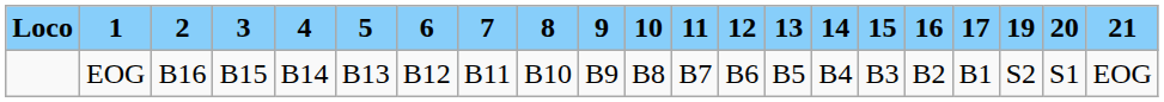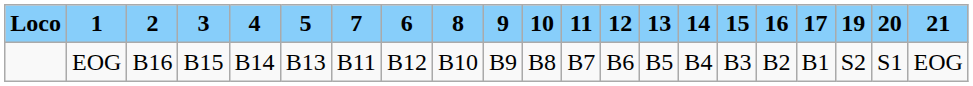 <table class="wikitable plainrowheaders unsortable" style="text-align:center">
 <tr>
 <th scope="col" rowspan="1" style="background:lightskyblue;">Loco</th>
 <th scope="col" rowspan="1" style="background:lightskyblue;">1</th>
 <th scope="col" rowspan="1" style="background:lightskyblue;">2</th>
 <th scope="col" rowspan="1" style="background:lightskyblue;">3</th>
 <th scope="col" rowspan="1" style="background:lightskyblue;">4</th>
 <th scope="col" rowspan="1" style="background:lightskyblue;">5</th>
+<th scope="col" rowspan="1" style="background:lightskyblue;">7</th>
 <th scope="col" rowspan="1" style="background:lightskyblue;">6</th>
-<th scope="col" rowspan="1" style="background:lightskyblue;">7</th>
 <th scope="col" rowspan="1" style="background:lightskyblue;">8</th>
 <th scope="col" rowspan="1" style="background:lightskyblue;">9</th>
 <th scope="col" rowspan="1" style="background:lightskyblue;">10</th>
 <th scope="col" rowspan="1" style="background:lightskyblue;">11</th>
 <th scope="col" rowspan="1" style="background:lightskyblue;">12</th>
 <th scope="col" rowspan="1" style="background:lightskyblue;">13</th>
 <th scope="col" rowspan="1" style="background:lightskyblue;">14</th>
 <th scope="col" rowspan="1" style="background:lightskyblue;">15</th>
 <th scope="col" rowspan="1" style="background:lightskyblue;">16</th>
 <th scope="col" rowspan="1" style="background:lightskyblue;">17</th>
 <th scope="col" rowspan="1" style="background:lightskyblue;">19</th>
 <th scope="col" rowspan="1" style="background:lightskyblue;">20</th>
 <th scope="col" rowspan="1" style="background:lightskyblue;">21</th>
 </tr>
 <tr>
 <td></td>
 <td>EOG</td>
 <td>B16</td>
 <td>B15</td>
 <td>B14</td>
 <td>B13</td>
+<td>B11</td>
 <td>B12</td>
-<td>B11</td>
 <td>B10</td>
 <td>B9</td>
 <td>B8</td>
 <td>B7</td>
 <td>B6</td>
 <td>B5</td>
 <td>B4</td>
 <td>B3</td>
 <td>B2</td>
 <td>B1</td>
 <td>S2</td>
 <td>S1</td>
 <td>EOG</td>
 </tr>
 </table>
